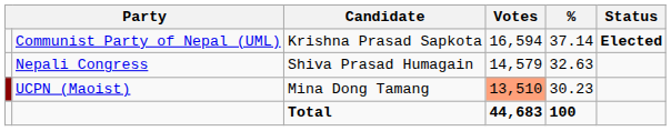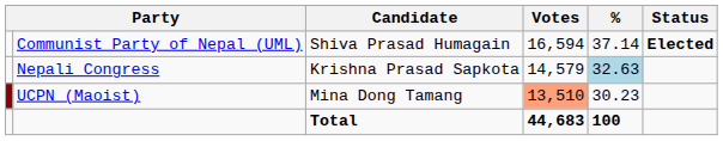 <table class="wikitable">
 <tr>
 <th colspan="2">Party</th>
 <th>Candidate</th>
 <th>Votes</th>
 <th>%</th>
 <th>Status</th>
 </tr>
 <tr>
 <td style="background-color:"></td>
 <td><a href='#'>Communist Party of Nepal (UML)</a></td>
-<td>Krishna Prasad Sapkota</td>
+<td>Shiva Prasad Humagain</td>
 <td>16,594</td>
 <td>37.14</td>
 <td><strong>Elected</strong></td>
 </tr>
 <tr>
 <td style="background-color:"></td>
 <td><a href='#'>Nepali Congress</a></td>
-<td>Shiva Prasad Humagain</td>
+<td>Krishna Prasad Sapkota</td>
 <td>14,579</td>
-<td>32.63</td>
+<td style="background: lightblue;">32.63</td>
 <td></td>
 </tr>
 <tr>
 <td style="background-color:darkred"></td>
 <td><a href='#'>UCPN (Maoist)</a></td>
 <td>Mina Dong Tamang</td>
 <td style="background: lightsalmon;">13,510</td>
 <td>30.23</td>
 <td></td>
 </tr>
 <tr>
 <td></td>
 <td></td>
 <td><strong>Total</strong></td>
 <td><strong>44,683</strong></td>
 <td><strong>100</strong></td>
 <td></td>
 </tr>
 </table>
